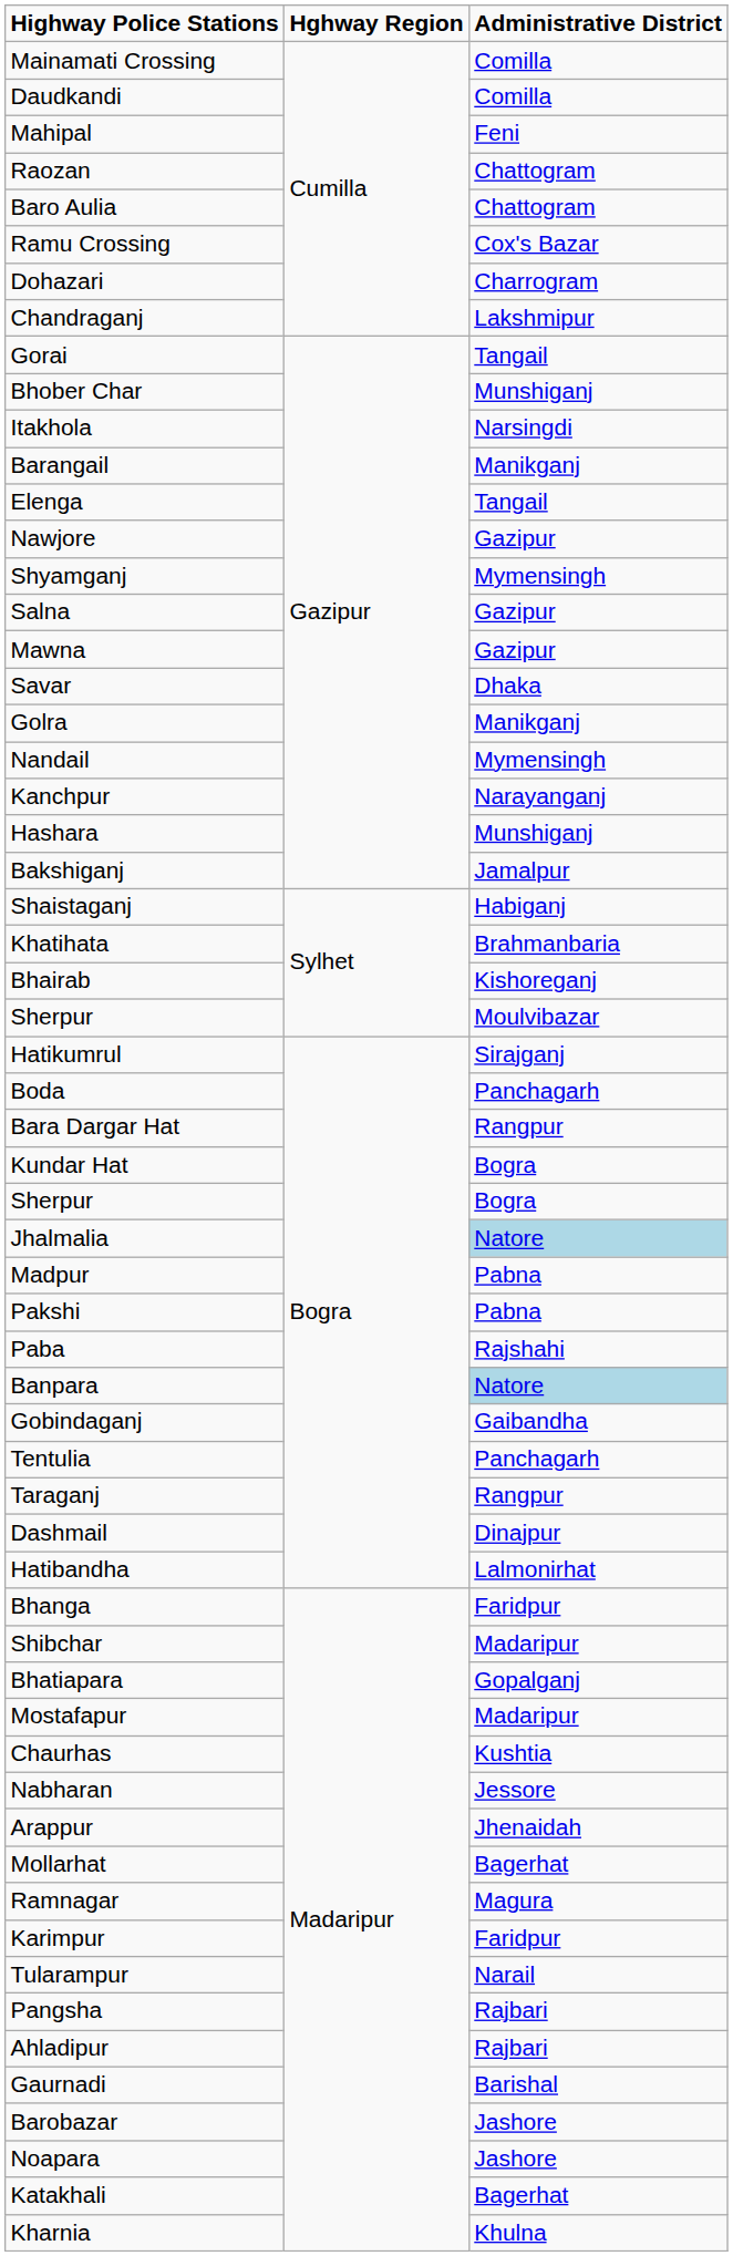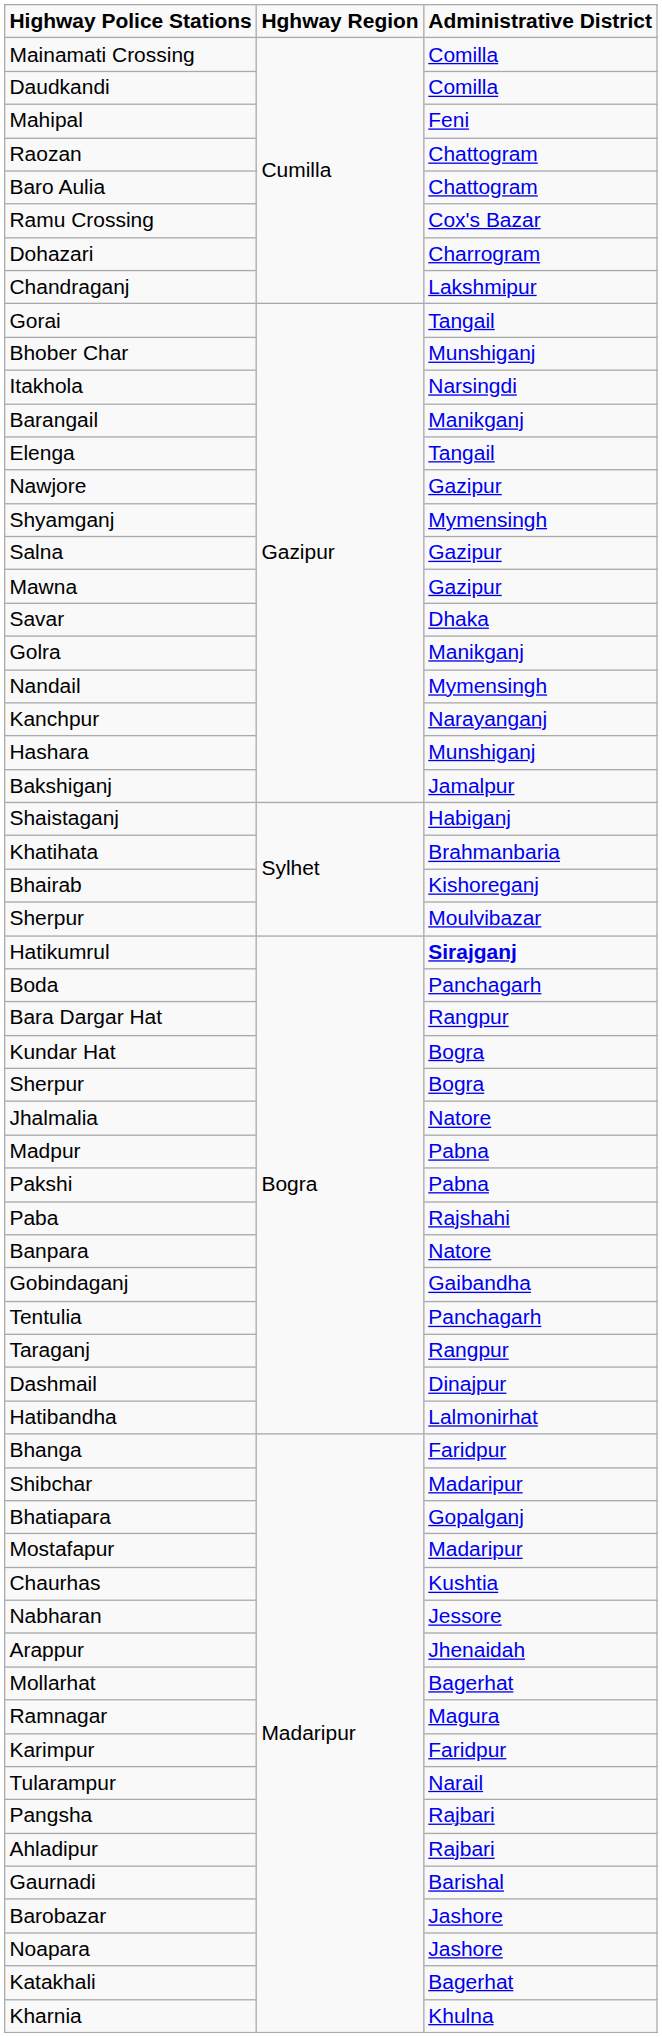 <table class="wikitable">
 <tr>
 <td><strong>Highway Police Stations</strong></td>
 <td><strong>Hghway Region</strong></td>
 <td><strong>Administrative District</strong></td>
 </tr>
 <tr>
 <td>Mainamati Crossing</td>
 <td rowspan="8">Cumilla</td>
 <td><a href='#'>Comilla</a></td>
 </tr>
 <tr>
 <td>Daudkandi</td>
 <td><a href='#'>Comilla</a></td>
 </tr>
 <tr>
 <td>Mahipal</td>
 <td><a href='#'>Feni</a></td>
 </tr>
 <tr>
 <td>Raozan</td>
 <td><a href='#'>Chattogram</a></td>
 </tr>
 <tr>
 <td>Baro Aulia</td>
 <td><a href='#'>Chattogram</a></td>
 </tr>
 <tr>
 <td>Ramu Crossing</td>
 <td><a href='#'>Cox's Bazar</a></td>
 </tr>
 <tr>
 <td>Dohazari</td>
 <td><a href='#'>Charrogram</a></td>
 </tr>
 <tr>
 <td>Chandraganj</td>
 <td><a href='#'>Lakshmipur</a></td>
 </tr>
 <tr>
 <td>Gorai</td>
 <td rowspan="15">Gazipur</td>
 <td><a href='#'>Tangail</a></td>
 </tr>
 <tr>
 <td>Bhober Char</td>
 <td><a href='#'>Munshiganj</a></td>
 </tr>
 <tr>
 <td>Itakhola</td>
 <td><a href='#'>Narsingdi</a></td>
 </tr>
 <tr>
 <td>Barangail</td>
 <td><a href='#'>Manikganj</a></td>
 </tr>
 <tr>
 <td>Elenga</td>
 <td><a href='#'>Tangail</a></td>
 </tr>
 <tr>
 <td>Nawjore</td>
 <td><a href='#'>Gazipur</a></td>
 </tr>
 <tr>
 <td>Shyamganj</td>
 <td><a href='#'>Mymensingh</a></td>
 </tr>
 <tr>
 <td>Salna</td>
 <td><a href='#'>Gazipur</a></td>
 </tr>
 <tr>
 <td>Mawna</td>
 <td><a href='#'>Gazipur</a></td>
 </tr>
 <tr>
 <td>Savar</td>
 <td><a href='#'>Dhaka</a></td>
 </tr>
 <tr>
 <td>Golra</td>
 <td><a href='#'>Manikganj</a></td>
 </tr>
 <tr>
 <td>Nandail</td>
 <td><a href='#'>Mymensingh</a></td>
 </tr>
 <tr>
 <td>Kanchpur</td>
 <td><a href='#'>Narayanganj</a></td>
 </tr>
 <tr>
 <td>Hashara</td>
 <td><a href='#'>Munshiganj</a></td>
 </tr>
 <tr>
 <td>Bakshiganj</td>
 <td><a href='#'>Jamalpur</a></td>
 </tr>
 <tr>
 <td>Shaistaganj</td>
 <td rowspan="4">Sylhet</td>
 <td><a href='#'>Habiganj</a></td>
 </tr>
 <tr>
 <td>Khatihata</td>
 <td><a href='#'>Brahmanbaria</a></td>
 </tr>
 <tr>
 <td>Bhairab</td>
 <td><a href='#'>Kishoreganj</a></td>
 </tr>
 <tr>
 <td>Sherpur</td>
 <td><a href='#'>Moulvibazar</a></td>
 </tr>
 <tr>
 <td>Hatikumrul</td>
 <td rowspan="15">Bogra</td>
-<td><a href='#'>Sirajganj</a></td>
+<td><strong><a href='#'>Sirajganj</a></strong></td>
 </tr>
 <tr>
 <td>Boda</td>
 <td><a href='#'>Panchagarh</a></td>
 </tr>
 <tr>
 <td>Bara Dargar Hat</td>
 <td><a href='#'>Rangpur</a></td>
 </tr>
 <tr>
 <td>Kundar Hat</td>
 <td><a href='#'>Bogra</a></td>
 </tr>
 <tr>
 <td>Sherpur</td>
 <td><a href='#'>Bogra</a></td>
 </tr>
 <tr>
 <td>Jhalmalia</td>
-<td style="background: lightblue;"><a href='#'>Natore</a></td>
+<td><a href='#'>Natore</a></td>
 </tr>
 <tr>
 <td>Madpur</td>
 <td><a href='#'>Pabna</a></td>
 </tr>
 <tr>
 <td>Pakshi</td>
 <td><a href='#'>Pabna</a></td>
 </tr>
 <tr>
 <td>Paba</td>
 <td><a href='#'>Rajshahi</a></td>
 </tr>
 <tr>
 <td>Banpara</td>
-<td style="background: lightblue;"><a href='#'>Natore</a></td>
+<td><a href='#'>Natore</a></td>
 </tr>
 <tr>
 <td>Gobindaganj</td>
 <td><a href='#'>Gaibandha</a></td>
 </tr>
 <tr>
 <td>Tentulia</td>
 <td><a href='#'>Panchagarh</a></td>
 </tr>
 <tr>
 <td>Taraganj</td>
 <td><a href='#'>Rangpur</a></td>
 </tr>
 <tr>
 <td>Dashmail</td>
 <td><a href='#'>Dinajpur</a></td>
 </tr>
 <tr>
 <td>Hatibandha</td>
 <td><a href='#'>Lalmonirhat</a></td>
 </tr>
 <tr>
 <td>Bhanga</td>
 <td rowspan="18">Madaripur</td>
 <td><a href='#'>Faridpur</a></td>
 </tr>
 <tr>
 <td>Shibchar</td>
 <td><a href='#'>Madaripur</a></td>
 </tr>
 <tr>
 <td>Bhatiapara</td>
 <td><a href='#'>Gopalganj</a></td>
 </tr>
 <tr>
 <td>Mostafapur</td>
 <td><a href='#'>Madaripur</a></td>
 </tr>
 <tr>
 <td>Chaurhas</td>
 <td><a href='#'>Kushtia</a></td>
 </tr>
 <tr>
 <td>Nabharan</td>
 <td><a href='#'>Jessore</a></td>
 </tr>
 <tr>
 <td>Arappur</td>
 <td><a href='#'>Jhenaidah</a></td>
 </tr>
 <tr>
 <td>Mollarhat</td>
 <td><a href='#'>Bagerhat</a></td>
 </tr>
 <tr>
 <td>Ramnagar</td>
 <td><a href='#'>Magura</a></td>
 </tr>
 <tr>
 <td>Karimpur</td>
 <td><a href='#'>Faridpur</a></td>
 </tr>
 <tr>
 <td>Tularampur</td>
 <td><a href='#'>Narail</a></td>
 </tr>
 <tr>
 <td>Pangsha</td>
 <td><a href='#'>Rajbari</a></td>
 </tr>
 <tr>
 <td>Ahladipur</td>
 <td><a href='#'>Rajbari</a></td>
 </tr>
 <tr>
 <td>Gaurnadi</td>
 <td><a href='#'>Barishal</a></td>
 </tr>
 <tr>
 <td>Barobazar</td>
 <td><a href='#'>Jashore</a></td>
 </tr>
 <tr>
 <td>Noapara</td>
 <td><a href='#'>Jashore</a></td>
 </tr>
 <tr>
 <td>Katakhali</td>
 <td><a href='#'>Bagerhat</a></td>
 </tr>
 <tr>
 <td>Kharnia</td>
 <td><a href='#'>Khulna</a></td>
 </tr>
 </table>
